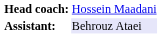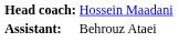 <table>
 <tr>
 <td><strong>Head coach:</strong></td>
 <td><a href='#'>Hossein Maadani</a></td>
 </tr>
 <tr>
 <td><strong>Assistant:</strong></td>
-<td style="background: lavender;">Behrouz Ataei</td>
+<td>Behrouz Ataei</td>
 </tr>
 </table>
